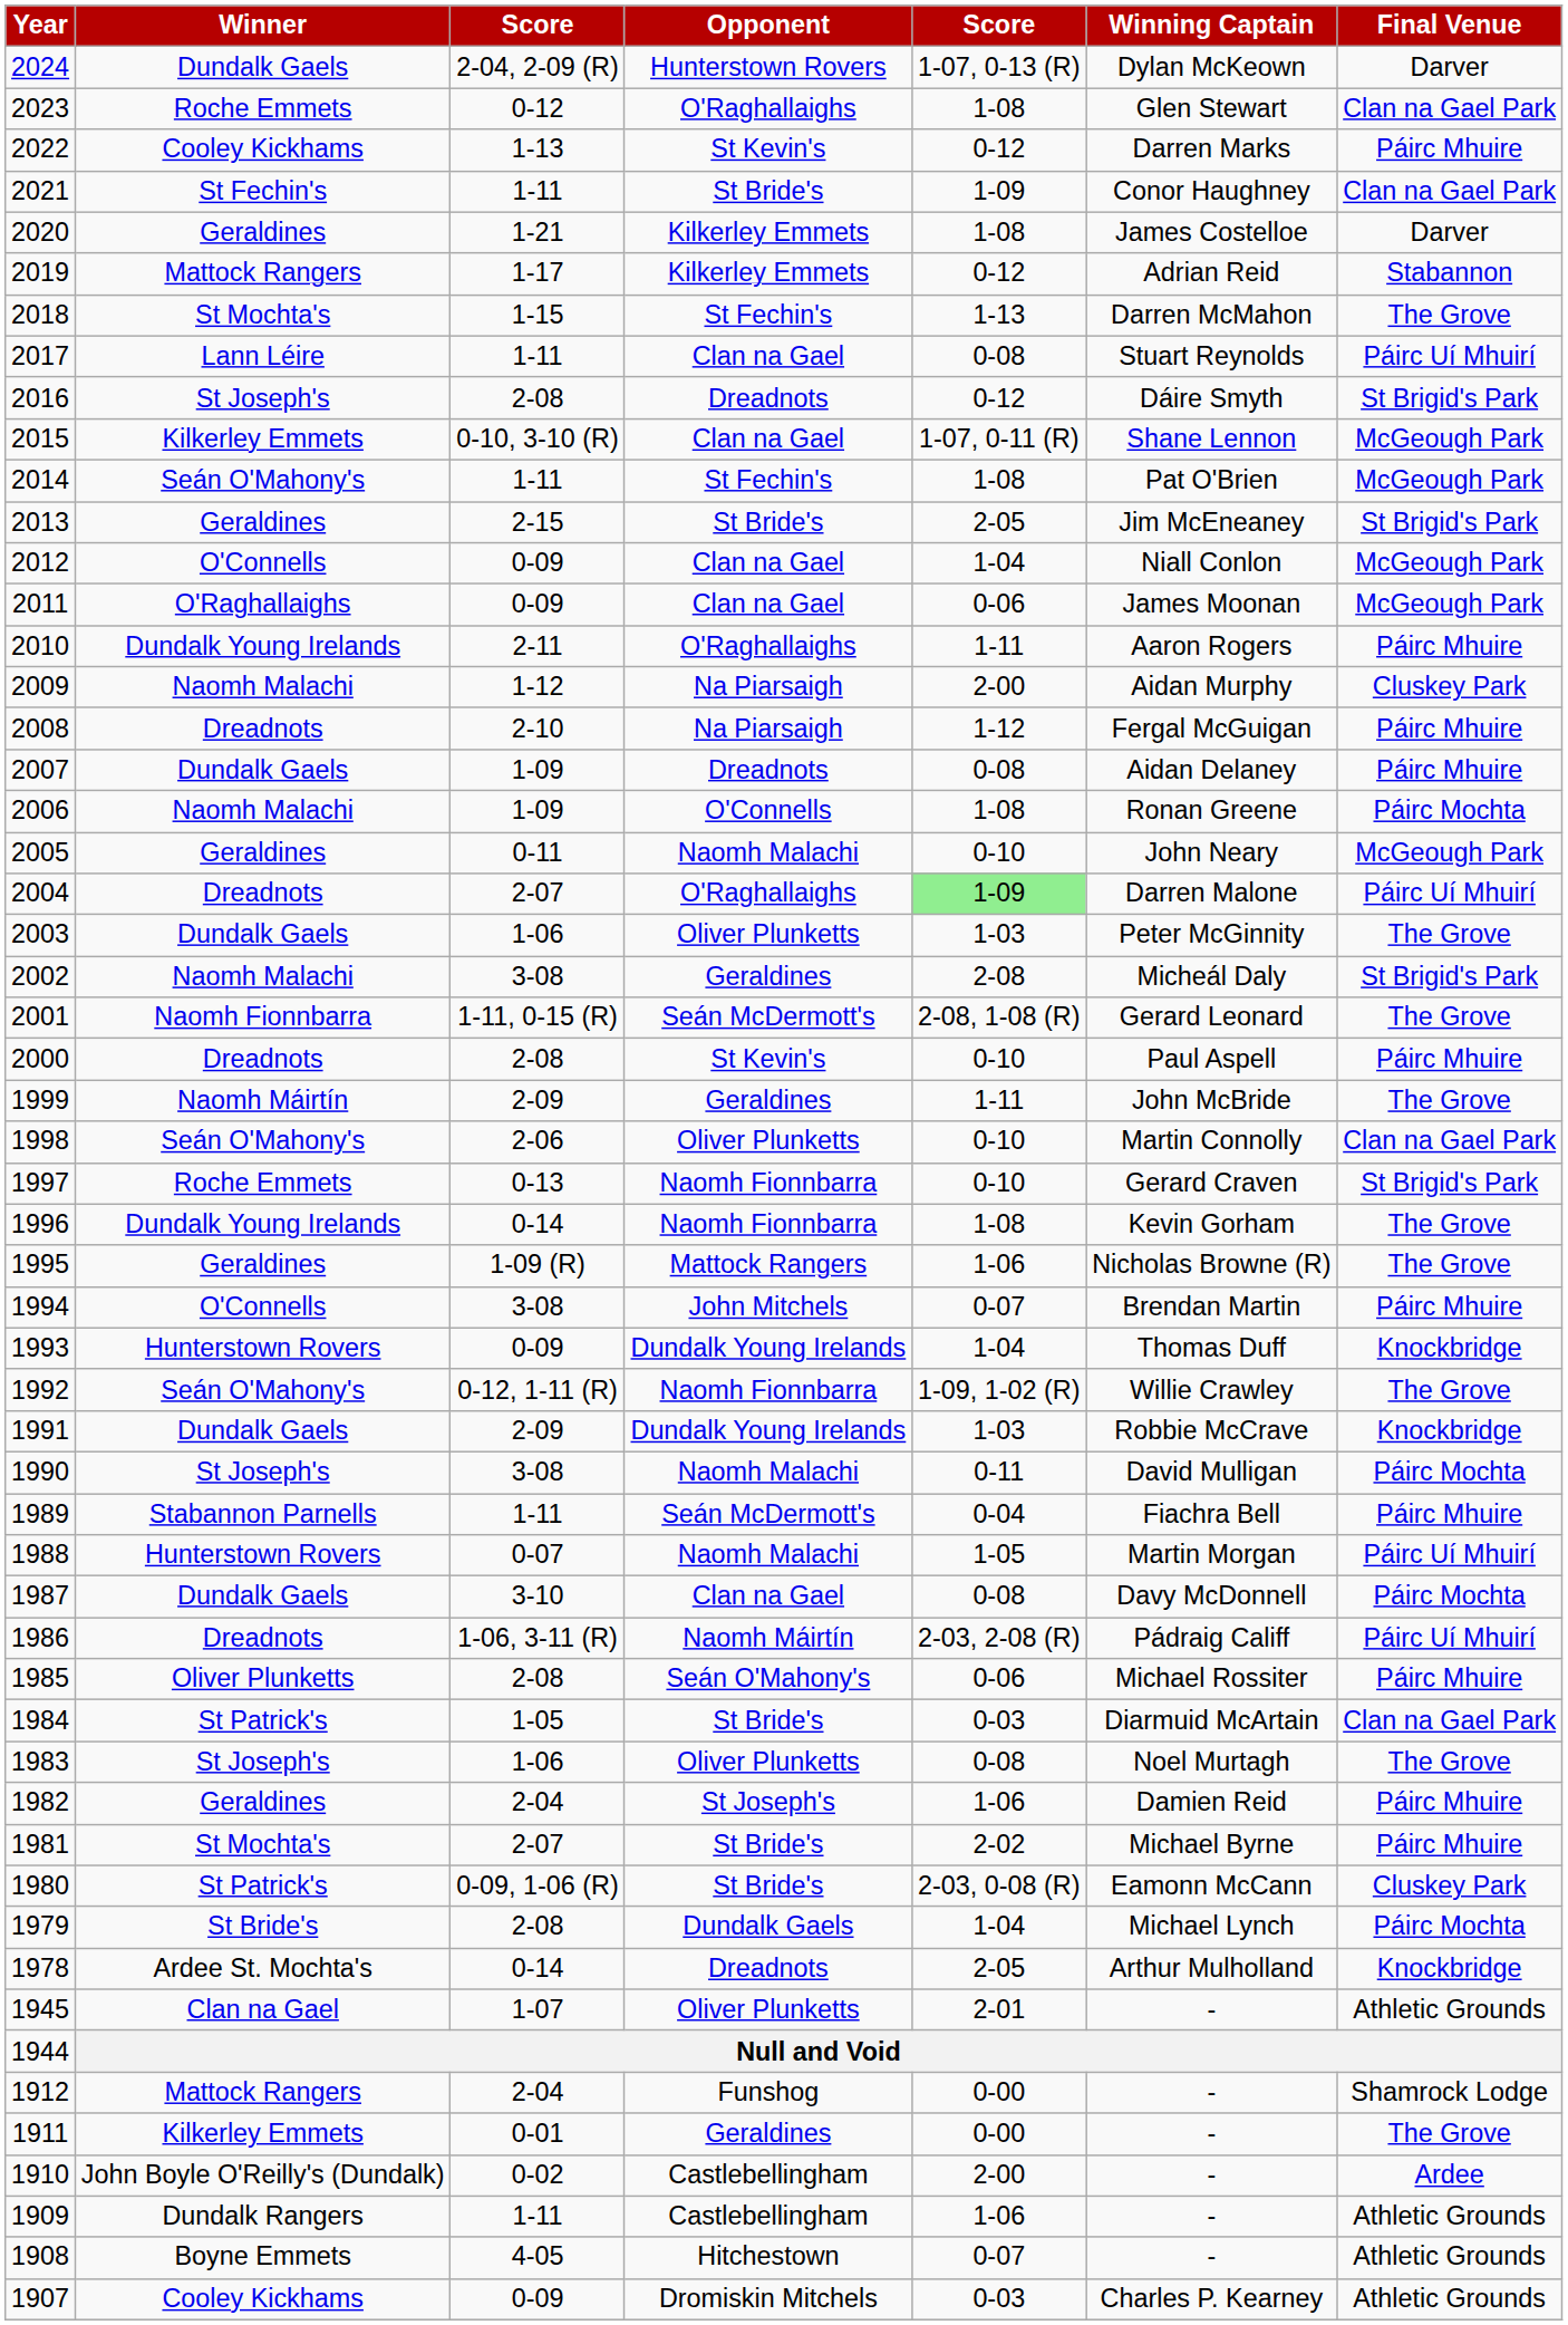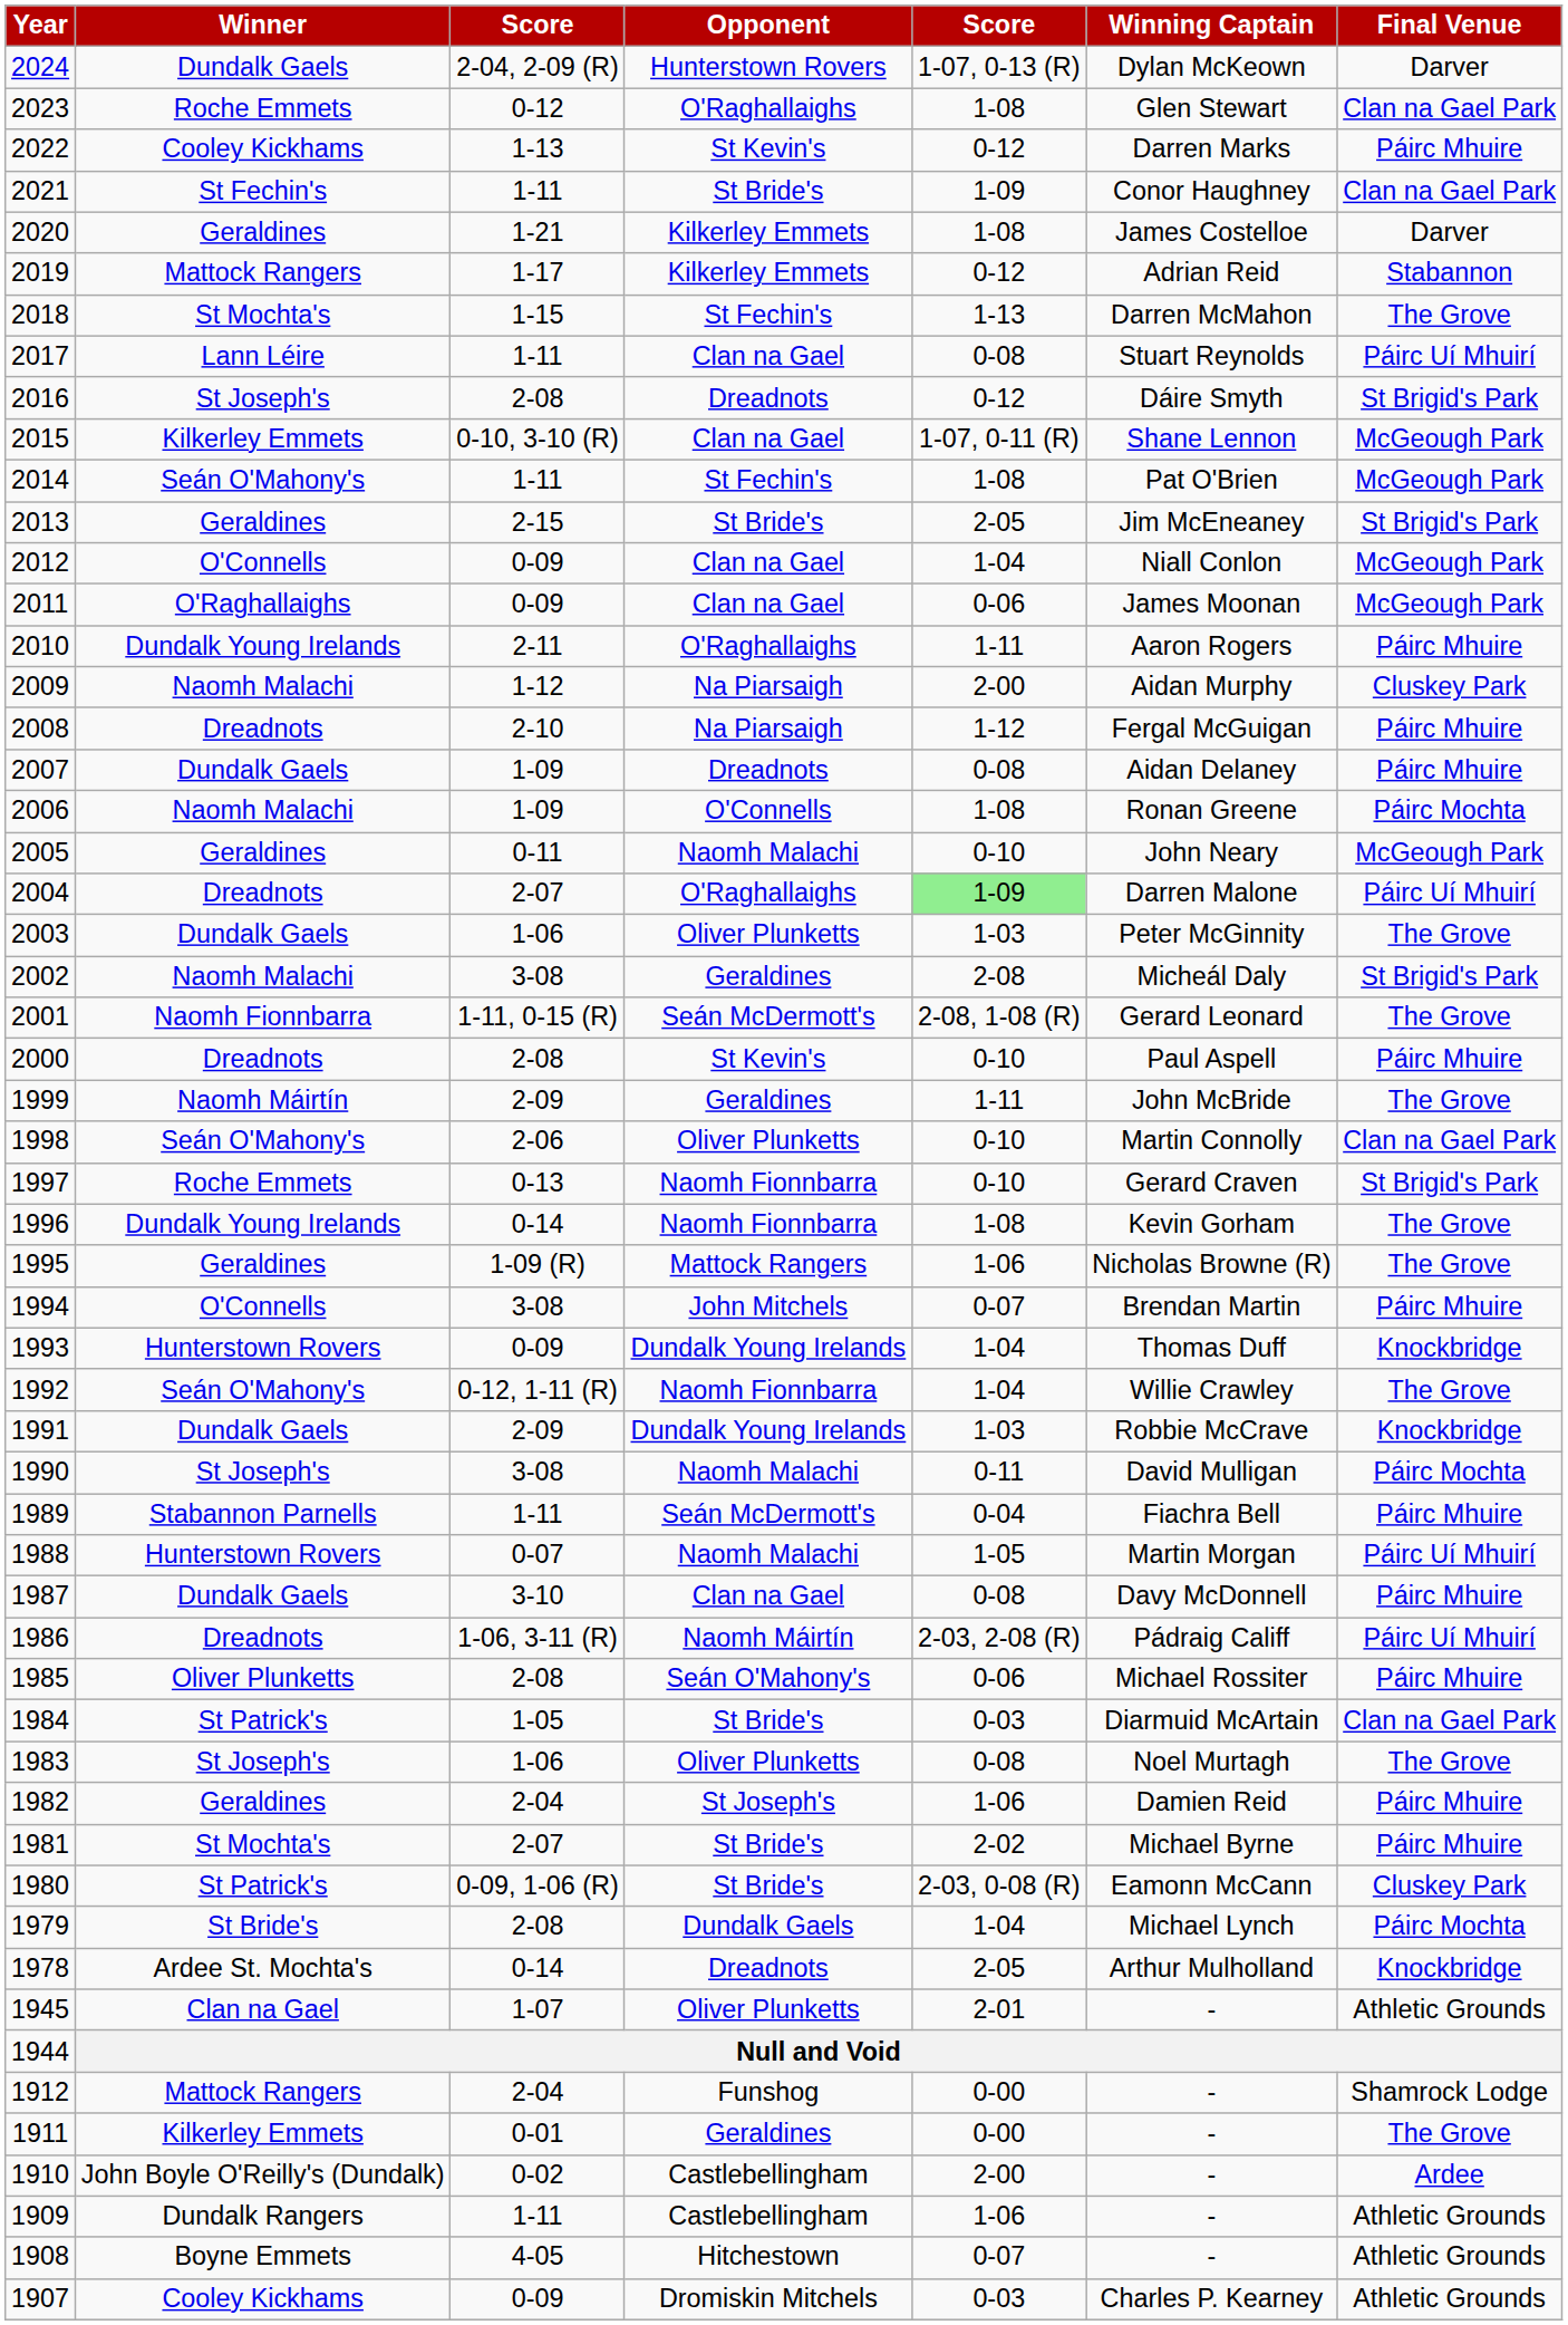 <table class="wikitable" style="text-align:center;">
 <tr>
 <th style="background:#B60000;color:white">Year</th>
 <th style="background:#B60000;color:white">Winner</th>
 <th style="background:#B60000;color:white">Score</th>
 <th style="background:#B60000;color:white">Opponent</th>
 <th style="background:#B60000;color:white">Score</th>
 <th style="background:#B60000;color:white">Winning Captain</th>
 <th style="background:#B60000;color:white">Final Venue</th>
 </tr>
 <tr>
 <td><a href='#'>2024</a></td>
 <td><a href='#'>Dundalk Gaels</a></td>
 <td>2-04, 2-09 (R)</td>
 <td><a href='#'>Hunterstown Rovers</a></td>
 <td>1-07, 0-13 (R)</td>
 <td>Dylan McKeown</td>
 <td>Darver</td>
 </tr>
 <tr>
 <td>2023</td>
 <td><a href='#'>Roche Emmets</a></td>
 <td>0-12</td>
 <td><a href='#'>O'Raghallaighs</a></td>
 <td>1-08</td>
 <td>Glen Stewart</td>
 <td><a href='#'>Clan na Gael Park</a></td>
 </tr>
 <tr>
 <td>2022</td>
 <td><a href='#'>Cooley Kickhams</a></td>
 <td>1-13</td>
 <td><a href='#'>St Kevin's</a></td>
 <td>0-12</td>
 <td>Darren Marks</td>
 <td><a href='#'>Páirc Mhuire</a></td>
 </tr>
 <tr>
 <td>2021</td>
 <td><a href='#'>St Fechin's</a></td>
 <td>1-11</td>
 <td><a href='#'>St Bride's</a></td>
 <td>1-09</td>
 <td>Conor Haughney</td>
 <td><a href='#'>Clan na Gael Park</a></td>
 </tr>
 <tr>
 <td>2020</td>
 <td><a href='#'>Geraldines</a></td>
 <td>1-21</td>
 <td><a href='#'>Kilkerley Emmets</a></td>
 <td>1-08</td>
 <td>James Costelloe</td>
 <td>Darver</td>
 </tr>
 <tr>
 <td>2019</td>
 <td><a href='#'>Mattock Rangers</a></td>
 <td>1-17</td>
 <td><a href='#'>Kilkerley Emmets</a></td>
 <td>0-12</td>
 <td>Adrian Reid</td>
 <td><a href='#'>Stabannon</a></td>
 </tr>
 <tr>
 <td>2018</td>
 <td><a href='#'>St Mochta's</a></td>
 <td>1-15</td>
 <td><a href='#'>St Fechin's</a></td>
 <td>1-13</td>
 <td>Darren McMahon</td>
 <td><a href='#'>The Grove</a></td>
 </tr>
 <tr>
 <td>2017</td>
 <td><a href='#'>Lann Léire</a></td>
 <td>1-11</td>
 <td><a href='#'>Clan na Gael</a></td>
 <td>0-08</td>
 <td>Stuart Reynolds</td>
 <td><a href='#'>Páirc Uí Mhuirí</a></td>
 </tr>
 <tr>
 <td>2016</td>
 <td><a href='#'>St Joseph's</a></td>
 <td>2-08</td>
 <td><a href='#'>Dreadnots</a></td>
 <td>0-12</td>
 <td>Dáire Smyth</td>
 <td><a href='#'>St Brigid's Park</a></td>
 </tr>
 <tr>
 <td>2015</td>
 <td><a href='#'>Kilkerley Emmets</a></td>
 <td>0-10, 3-10 (R)</td>
 <td><a href='#'>Clan na Gael</a></td>
 <td>1-07, 0-11 (R)</td>
 <td><a href='#'>Shane Lennon</a></td>
 <td><a href='#'>McGeough Park</a></td>
 </tr>
 <tr>
 <td>2014</td>
 <td><a href='#'>Seán O'Mahony's</a></td>
 <td>1-11</td>
 <td><a href='#'>St Fechin's</a></td>
 <td>1-08</td>
 <td>Pat O'Brien</td>
 <td><a href='#'>McGeough Park</a></td>
 </tr>
 <tr>
 <td>2013</td>
 <td><a href='#'>Geraldines</a></td>
 <td>2-15</td>
 <td><a href='#'>St Bride's</a></td>
 <td>2-05</td>
 <td>Jim McEneaney</td>
 <td><a href='#'>St Brigid's Park</a></td>
 </tr>
 <tr>
 <td>2012</td>
 <td><a href='#'>O'Connells</a></td>
 <td>0-09</td>
 <td><a href='#'>Clan na Gael</a></td>
 <td>1-04</td>
 <td>Niall Conlon</td>
 <td><a href='#'>McGeough Park</a></td>
 </tr>
 <tr>
 <td>2011</td>
 <td><a href='#'>O'Raghallaighs</a></td>
 <td>0-09</td>
 <td><a href='#'>Clan na Gael</a></td>
 <td>0-06</td>
 <td>James Moonan</td>
 <td><a href='#'>McGeough Park</a></td>
 </tr>
 <tr>
 <td>2010</td>
 <td><a href='#'>Dundalk Young Irelands</a></td>
 <td>2-11</td>
 <td><a href='#'>O'Raghallaighs</a></td>
 <td>1-11</td>
 <td>Aaron Rogers</td>
 <td><a href='#'>Páirc Mhuire</a></td>
 </tr>
 <tr>
 <td>2009</td>
 <td><a href='#'>Naomh Malachi</a></td>
 <td>1-12</td>
 <td><a href='#'>Na Piarsaigh</a></td>
 <td>2-00</td>
 <td>Aidan Murphy</td>
 <td><a href='#'>Cluskey Park</a></td>
 </tr>
 <tr>
 <td>2008</td>
 <td><a href='#'>Dreadnots</a></td>
 <td>2-10</td>
 <td><a href='#'>Na Piarsaigh</a></td>
 <td>1-12</td>
 <td>Fergal McGuigan</td>
 <td><a href='#'>Páirc Mhuire</a></td>
 </tr>
 <tr>
 <td>2007</td>
 <td><a href='#'>Dundalk Gaels</a></td>
 <td>1-09</td>
 <td><a href='#'>Dreadnots</a></td>
 <td>0-08</td>
 <td>Aidan Delaney</td>
 <td><a href='#'>Páirc Mhuire</a></td>
 </tr>
 <tr>
 <td>2006</td>
 <td><a href='#'>Naomh Malachi</a></td>
 <td>1-09</td>
 <td><a href='#'>O'Connells</a></td>
 <td>1-08</td>
 <td>Ronan Greene</td>
 <td><a href='#'>Páirc Mochta</a></td>
 </tr>
 <tr>
 <td>2005</td>
 <td><a href='#'>Geraldines</a></td>
 <td>0-11</td>
 <td><a href='#'>Naomh Malachi</a></td>
 <td>0-10</td>
 <td>John Neary</td>
 <td><a href='#'>McGeough Park</a></td>
 </tr>
 <tr>
 <td>2004</td>
 <td><a href='#'>Dreadnots</a></td>
 <td>2-07</td>
 <td><a href='#'>O'Raghallaighs</a></td>
 <td style="background: lightgreen;">1-09</td>
 <td>Darren Malone</td>
 <td><a href='#'>Páirc Uí Mhuirí</a></td>
 </tr>
 <tr>
 <td>2003</td>
 <td><a href='#'>Dundalk Gaels</a></td>
 <td>1-06</td>
 <td><a href='#'>Oliver Plunketts</a></td>
 <td>1-03</td>
 <td>Peter McGinnity</td>
 <td><a href='#'>The Grove</a></td>
 </tr>
 <tr>
 <td>2002</td>
 <td><a href='#'>Naomh Malachi</a></td>
 <td>3-08</td>
 <td><a href='#'>Geraldines</a></td>
 <td>2-08</td>
 <td>Micheál Daly</td>
 <td><a href='#'>St Brigid's Park</a></td>
 </tr>
 <tr>
 <td>2001</td>
 <td><a href='#'>Naomh Fionnbarra</a></td>
 <td>1-11, 0-15 (R)</td>
 <td><a href='#'>Seán McDermott's</a></td>
 <td>2-08, 1-08 (R)</td>
 <td>Gerard Leonard</td>
 <td><a href='#'>The Grove</a></td>
 </tr>
 <tr>
 <td>2000</td>
 <td><a href='#'>Dreadnots</a></td>
 <td>2-08</td>
 <td><a href='#'>St Kevin's</a></td>
 <td>0-10</td>
 <td>Paul Aspell</td>
 <td><a href='#'>Páirc Mhuire</a></td>
 </tr>
 <tr>
 <td>1999</td>
 <td><a href='#'>Naomh Máirtín</a></td>
 <td>2-09</td>
 <td><a href='#'>Geraldines</a></td>
 <td>1-11</td>
 <td>John McBride</td>
 <td><a href='#'>The Grove</a></td>
 </tr>
 <tr>
 <td>1998</td>
 <td><a href='#'>Seán O'Mahony's</a></td>
 <td>2-06</td>
 <td><a href='#'>Oliver Plunketts</a></td>
 <td>0-10</td>
 <td>Martin Connolly</td>
 <td><a href='#'>Clan na Gael Park</a></td>
 </tr>
 <tr>
 <td>1997</td>
 <td><a href='#'>Roche Emmets</a></td>
 <td>0-13</td>
 <td><a href='#'>Naomh Fionnbarra</a></td>
 <td>0-10</td>
 <td>Gerard Craven</td>
 <td><a href='#'>St Brigid's Park</a></td>
 </tr>
 <tr>
 <td>1996</td>
 <td><a href='#'>Dundalk Young Irelands</a></td>
 <td>0-14</td>
 <td><a href='#'>Naomh Fionnbarra</a></td>
 <td>1-08</td>
 <td>Kevin Gorham</td>
 <td><a href='#'>The Grove</a></td>
 </tr>
 <tr>
 <td>1995</td>
 <td><a href='#'>Geraldines</a></td>
 <td>1-09 (R)</td>
 <td><a href='#'>Mattock Rangers</a></td>
 <td>1-06</td>
 <td>Nicholas Browne (R)</td>
 <td><a href='#'>The Grove</a></td>
 </tr>
 <tr>
 <td>1994</td>
 <td><a href='#'>O'Connells</a></td>
 <td>3-08</td>
 <td><a href='#'>John Mitchels</a></td>
 <td>0-07</td>
 <td>Brendan Martin</td>
 <td><a href='#'>Páirc Mhuire</a></td>
 </tr>
 <tr>
 <td>1993</td>
 <td><a href='#'>Hunterstown Rovers</a></td>
 <td>0-09</td>
 <td><a href='#'>Dundalk Young Irelands</a></td>
 <td>1-04</td>
 <td>Thomas Duff</td>
 <td><a href='#'>Knockbridge</a></td>
 </tr>
 <tr>
 <td>1992</td>
 <td><a href='#'>Seán O'Mahony's</a></td>
 <td>0-12, 1-11 (R)</td>
 <td><a href='#'>Naomh Fionnbarra</a></td>
-<td>1-09, 1-02 (R)</td>
+<td>1-04</td>
 <td>Willie Crawley</td>
 <td><a href='#'>The Grove</a></td>
 </tr>
 <tr>
 <td>1991</td>
 <td><a href='#'>Dundalk Gaels</a></td>
 <td>2-09</td>
 <td><a href='#'>Dundalk Young Irelands</a></td>
 <td>1-03</td>
 <td>Robbie McCrave</td>
 <td><a href='#'>Knockbridge</a></td>
 </tr>
 <tr>
 <td>1990</td>
 <td><a href='#'>St Joseph's</a></td>
 <td>3-08</td>
 <td><a href='#'>Naomh Malachi</a></td>
 <td>0-11</td>
 <td>David Mulligan</td>
 <td><a href='#'>Páirc Mochta</a></td>
 </tr>
 <tr>
 <td>1989</td>
 <td><a href='#'>Stabannon Parnells</a></td>
 <td>1-11</td>
 <td><a href='#'>Seán McDermott's</a></td>
 <td>0-04</td>
 <td>Fiachra Bell</td>
 <td><a href='#'>Páirc Mhuire</a></td>
 </tr>
 <tr>
 <td>1988</td>
 <td><a href='#'>Hunterstown Rovers</a></td>
 <td>0-07</td>
 <td><a href='#'>Naomh Malachi</a></td>
 <td>1-05</td>
 <td>Martin Morgan</td>
 <td><a href='#'>Páirc Uí Mhuirí</a></td>
 </tr>
 <tr>
 <td>1987</td>
 <td><a href='#'>Dundalk Gaels</a></td>
 <td>3-10</td>
 <td><a href='#'>Clan na Gael</a></td>
 <td>0-08</td>
 <td>Davy McDonnell</td>
-<td><a href='#'>Páirc Mochta</a></td>
+<td><a href='#'>Páirc Mhuire</a></td>
 </tr>
 <tr>
 <td>1986</td>
 <td><a href='#'>Dreadnots</a></td>
 <td>1-06, 3-11 (R)</td>
 <td><a href='#'>Naomh Máirtín</a></td>
 <td>2-03, 2-08 (R)</td>
 <td>Pádraig Califf</td>
 <td><a href='#'>Páirc Uí Mhuirí</a></td>
 </tr>
 <tr>
 <td>1985</td>
 <td><a href='#'>Oliver Plunketts</a></td>
 <td>2-08</td>
 <td><a href='#'>Seán O'Mahony's</a></td>
 <td>0-06</td>
 <td>Michael Rossiter</td>
 <td><a href='#'>Páirc Mhuire</a></td>
 </tr>
 <tr>
 <td>1984</td>
 <td><a href='#'>St Patrick's</a></td>
 <td>1-05</td>
 <td><a href='#'>St Bride's</a></td>
 <td>0-03</td>
 <td>Diarmuid McArtain</td>
 <td><a href='#'>Clan na Gael Park</a></td>
 </tr>
 <tr>
 <td>1983</td>
 <td><a href='#'>St Joseph's</a></td>
 <td>1-06</td>
 <td><a href='#'>Oliver Plunketts</a></td>
 <td>0-08</td>
 <td>Noel Murtagh</td>
 <td><a href='#'>The Grove</a></td>
 </tr>
 <tr>
 <td>1982</td>
 <td><a href='#'>Geraldines</a></td>
 <td>2-04</td>
 <td><a href='#'>St Joseph's</a></td>
 <td>1-06</td>
 <td>Damien Reid</td>
 <td><a href='#'>Páirc Mhuire</a></td>
 </tr>
 <tr>
 <td>1981</td>
 <td><a href='#'>St Mochta's</a></td>
 <td>2-07</td>
 <td><a href='#'>St Bride's</a></td>
 <td>2-02</td>
 <td>Michael Byrne</td>
 <td><a href='#'>Páirc Mhuire</a></td>
 </tr>
 <tr>
 <td>1980</td>
 <td><a href='#'>St Patrick's</a></td>
 <td>0-09, 1-06 (R)</td>
 <td><a href='#'>St Bride's</a></td>
 <td>2-03, 0-08 (R)</td>
 <td>Eamonn McCann</td>
 <td><a href='#'>Cluskey Park</a></td>
 </tr>
 <tr>
 <td>1979</td>
 <td><a href='#'>St Bride's</a></td>
 <td>2-08</td>
 <td><a href='#'>Dundalk Gaels</a></td>
 <td>1-04</td>
 <td>Michael Lynch</td>
 <td><a href='#'>Páirc Mochta</a></td>
 </tr>
 <tr>
 <td>1978</td>
 <td>Ardee St. Mochta's</td>
 <td>0-14</td>
 <td><a href='#'>Dreadnots</a></td>
 <td>2-05</td>
 <td>Arthur Mulholland</td>
 <td><a href='#'>Knockbridge</a></td>
 </tr>
 <tr>
 <td>1945</td>
 <td><a href='#'>Clan na Gael</a></td>
 <td>1-07</td>
 <td><a href='#'>Oliver Plunketts</a></td>
 <td>2-01</td>
 <td>-</td>
 <td>Athletic Grounds</td>
 </tr>
 <tr>
 <td>1944</td>
 <th colspan=7 align=center> Null and Void</th>
 </tr>
 <tr>
 <td>1912</td>
 <td><a href='#'>Mattock Rangers</a></td>
 <td>2-04</td>
 <td>Funshog</td>
 <td>0-00</td>
 <td>-</td>
 <td>Shamrock Lodge</td>
 </tr>
 <tr>
 <td>1911</td>
 <td><a href='#'>Kilkerley Emmets</a></td>
 <td>0-01</td>
 <td><a href='#'>Geraldines</a></td>
 <td>0-00</td>
 <td>-</td>
 <td><a href='#'>The Grove</a></td>
 </tr>
 <tr>
 <td>1910</td>
 <td> John Boyle O'Reilly's (Dundalk)</td>
 <td>0-02</td>
 <td>Castlebellingham</td>
 <td>2-00</td>
 <td>-</td>
 <td><a href='#'>Ardee</a></td>
 </tr>
 <tr>
 <td>1909</td>
 <td>Dundalk Rangers</td>
 <td>1-11</td>
 <td>Castlebellingham</td>
 <td>1-06</td>
 <td>-</td>
 <td>Athletic Grounds</td>
 </tr>
 <tr>
 <td>1908</td>
 <td>Boyne Emmets</td>
 <td>4-05</td>
 <td>Hitchestown</td>
 <td>0-07</td>
 <td>-</td>
 <td>Athletic Grounds</td>
 </tr>
 <tr>
 <td>1907</td>
 <td><a href='#'>Cooley Kickhams</a></td>
 <td>0-09</td>
 <td>Dromiskin Mitchels</td>
 <td>0-03</td>
 <td>Charles P. Kearney</td>
 <td>Athletic Grounds</td>
 </tr>
 <tr>
 </tr>
 </table>
